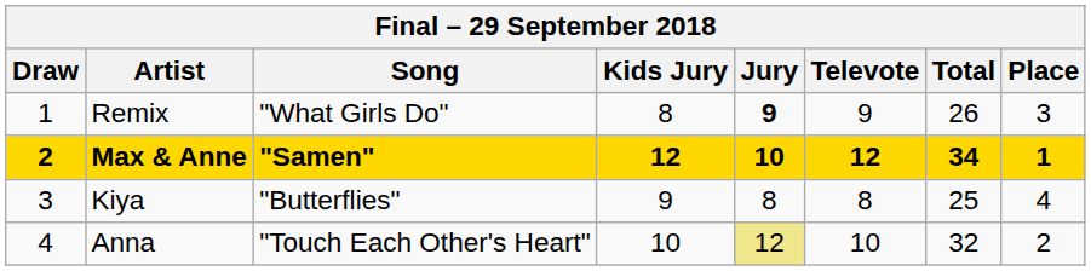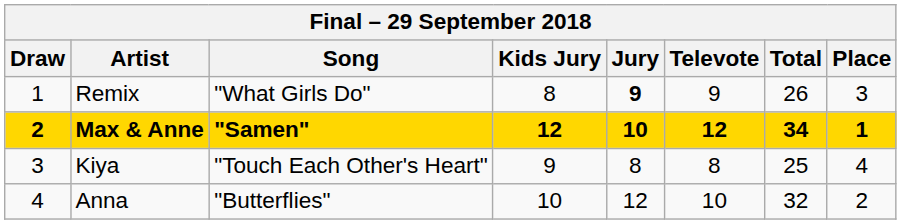 <table class="sortable wikitable" style="text-align:center">
 <tr>
 <th colspan="9">Final – 29 September 2018</th>
 </tr>
 <tr>
 <th>Draw</th>
 <th>Artist</th>
 <th>Song</th>
 <th>Kids Jury</th>
 <th>Jury</th>
 <th>Televote</th>
 <th>Total</th>
 <th>Place</th>
 </tr>
 <tr>
 <td>1</td>
 <td align="left">Remix</td>
 <td align="left">"What Girls Do"</td>
 <td>8</td>
 <td><strong>9</strong></td>
 <td>9</td>
 <td>26</td>
 <td>3</td>
 </tr>
 <tr style="font-weight:bold; background:gold;">
 <td>2</td>
 <td align="left">Max & Anne</td>
 <td align="left">"Samen"</td>
 <td>12</td>
 <td>10</td>
 <td>12</td>
 <td>34</td>
 <td>1</td>
 </tr>
 <tr>
 <td>3</td>
 <td align="left">Kiya</td>
-<td align="left">"Butterflies"</td>
+<td align="left">"Touch Each Other's Heart"</td>
 <td>9</td>
 <td>8</td>
 <td>8</td>
 <td>25</td>
 <td>4</td>
 </tr>
 <tr>
 <td>4</td>
 <td align="left">Anna</td>
-<td align="left">"Touch Each Other's Heart"</td>
+<td align="left">"Butterflies"</td>
 <td>10</td>
-<td style="background: khaki;">12</td>
+<td>12</td>
 <td>10</td>
 <td>32</td>
 <td>2</td>
 </tr>
 </table>
